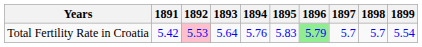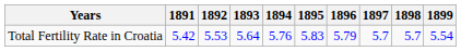 <table class="wikitable " style="text-align:right">
 <tr>
 <th>Years</th>
 <th>1891</th>
 <th>1892</th>
 <th>1893</th>
 <th>1894</th>
 <th>1895</th>
 <th>1896</th>
 <th>1897</th>
 <th>1898</th>
 <th>1899</th>
 </tr>
 <tr>
 <td align="left">Total Fertility Rate in Croatia</td>
 <td style="text-align:right; color:blue;">5.42</td>
-<td style="background: pink; text-align:right; color:blue;">5.53</td>
+<td style="text-align:right; color:blue;">5.53</td>
 <td style="text-align:right; color:blue;">5.64</td>
 <td style="text-align:right; color:blue;">5.76</td>
 <td style="text-align:right; color:blue;">5.83</td>
-<td style="background: lightgreen; text-align:right; color:blue;">5.79</td>
+<td style="text-align:right; color:blue;">5.79</td>
 <td style="text-align:right; color:blue;">5.7</td>
 <td style="text-align:right; color:blue;">5.7</td>
 <td style="text-align:right; color:blue;">5.54</td>
 </tr>
 </table>
